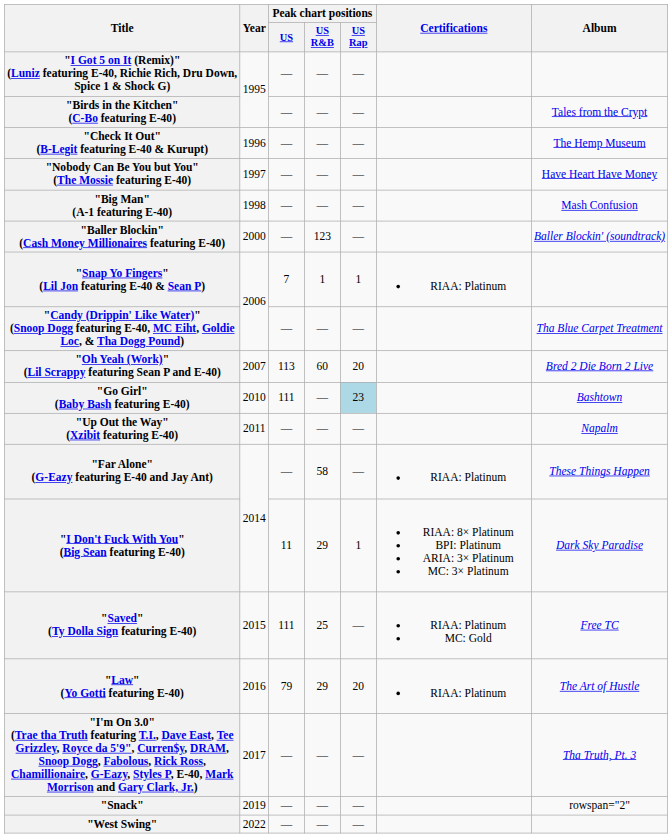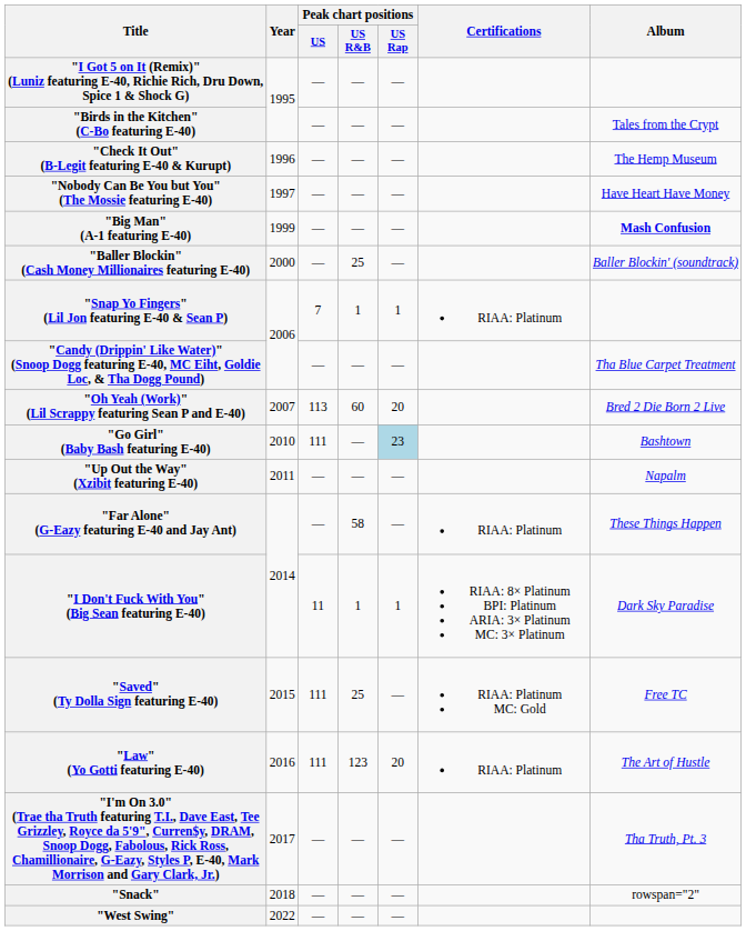 <table class="wikitable plainrowheaders" style="text-align:center;">
 <tr>
 <th scope="col" rowspan="2" style="width:20em;">Title</th>
 <th scope="col" rowspan="2">Year</th>
 <th scope="col" colspan="3">Peak chart positions</th>
 <th scope="col" rowspan="2" style="width:13em;"><a href='#'>Certifications</a></th>
 <th scope="col" rowspan="2">Album</th>
 </tr>
 <tr>
 <th style="width:3em;font-size:90%;"><a href='#'>US</a><br></th>
 <th style="width:3em;font-size:90%;"><a href='#'>US R&B</a><br></th>
 <th style="width:3em;font-size:90%;"><a href='#'>US<br>Rap</a><br></th>
 </tr>
 <tr>
 <th scope="row">"<a href='#'>I Got 5 on It</a> (Remix)"<br><span>(<a href='#'>Luniz</a> featuring E-40, Richie Rich, Dru Down, Spice 1 & Shock G)</span></th>
 <td rowspan="2">1995</td>
 <td>—</td>
 <td>—</td>
 <td>—</td>
 <td></td>
 <td></td>
 </tr>
 <tr>
 <th scope="row">"Birds in the Kitchen" <br><span>(<a href='#'>C-Bo</a> featuring E-40)</span></th>
 <td>—</td>
 <td>—</td>
 <td>—</td>
 <td></td>
 <td><a href='#'>Tales from the Crypt</a></td>
 </tr>
 <tr>
 <th scope="row">"Check It Out" <br><span>(<a href='#'>B-Legit</a> featuring E-40 & Kurupt)</span></th>
 <td>1996</td>
 <td>—</td>
 <td>—</td>
 <td>—</td>
 <td></td>
 <td><a href='#'>The Hemp Museum</a></td>
 </tr>
 <tr>
 <th scope="row">"Nobody Can Be You but You" <br><span>(<a href='#'>The Mossie</a> featuring E-40)</span></th>
 <td>1997</td>
 <td>—</td>
 <td>—</td>
 <td>—</td>
 <td></td>
 <td><a href='#'>Have Heart Have Money</a></td>
 </tr>
 <tr>
 <th scope="row">"Big Man" <br><span>(A-1 featuring E-40)</span></th>
-<td>1998</td>
+<td>1999</td>
 <td>—</td>
 <td>—</td>
 <td>—</td>
 <td></td>
-<td><a href='#'>Mash Confusion</a></td>
+<td><strong><a href='#'>Mash Confusion</a></strong></td>
 </tr>
 <tr>
 <th scope="row">"Baller Blockin"<br><span>(<a href='#'>Cash Money Millionaires</a> featuring E-40)</span></th>
 <td>2000</td>
 <td>—</td>
-<td>123</td>
+<td>25</td>
 <td>—</td>
 <td></td>
 <td><em><a href='#'>Baller Blockin' (soundtrack)</a></em></td>
 </tr>
 <tr>
 <th scope="row">"<a href='#'>Snap Yo Fingers</a>"<br><span>(<a href='#'>Lil Jon</a> featuring E-40 & <a href='#'>Sean P</a>)</span></th>
 <td rowspan="2">2006</td>
 <td>7</td>
 <td>1</td>
 <td>1</td>
 <td><br><ul><li>RIAA: Platinum</li></ul></td>
 <td></td>
 </tr>
 <tr>
 <th scope="row">"<a href='#'>Candy (Drippin' Like Water)</a>"<br><span>(<a href='#'>Snoop Dogg</a> featuring E-40, <a href='#'>MC Eiht</a>, <a href='#'>Goldie Loc</a>, & <a href='#'>Tha Dogg Pound</a>)</span></th>
 <td>—</td>
 <td>—</td>
 <td>—</td>
 <td></td>
 <td><em><a href='#'>Tha Blue Carpet Treatment</a></em></td>
 </tr>
 <tr>
 <th scope="row">"<a href='#'>Oh Yeah (Work)</a>"<br><span>(<a href='#'>Lil Scrappy</a> featuring Sean P and E-40)</span></th>
 <td>2007</td>
 <td>113</td>
 <td>60</td>
 <td>20</td>
 <td></td>
 <td><em><a href='#'>Bred 2 Die Born 2 Live</a></em></td>
 </tr>
 <tr>
 <th scope="row">"Go Girl"<br><span>(<a href='#'>Baby Bash</a> featuring E-40)</span></th>
 <td>2010</td>
 <td>111</td>
 <td>—</td>
 <td style="background: lightblue;">23</td>
 <td></td>
 <td><em><a href='#'>Bashtown</a></em></td>
 </tr>
 <tr>
 <th scope="row">"Up Out the Way"<br><span>(<a href='#'>Xzibit</a> featuring E-40)</span></th>
 <td>2011</td>
 <td>—</td>
 <td>—</td>
 <td>—</td>
 <td></td>
 <td><em><a href='#'>Napalm</a></em></td>
 </tr>
 <tr>
 <th scope="row">"Far Alone"<br><span>(<a href='#'>G-Eazy</a> featuring E-40 and Jay Ant)</span></th>
 <td rowspan="2">2014</td>
 <td>—</td>
 <td>58</td>
 <td>—</td>
 <td><br><ul><li>RIAA: Platinum</li></ul></td>
 <td><em><a href='#'>These Things Happen</a></em></td>
 </tr>
 <tr>
 <th scope="row">"<a href='#'>I Don't Fuck With You</a>"<br><span>(<a href='#'>Big Sean</a> featuring E-40)</span></th>
 <td>11</td>
-<td>29</td>
+<td>1</td>
 <td>1</td>
 <td><br><ul><li>RIAA: 8× Platinum</li><li>BPI: Platinum</li><li>ARIA: 3× Platinum</li><li>MC: 3× Platinum</li></ul></td>
 <td><em><a href='#'>Dark Sky Paradise</a></em></td>
 </tr>
 <tr>
 <th scope="row">"<a href='#'>Saved</a>"<br><span>(<a href='#'>Ty Dolla Sign</a> featuring E-40)</span></th>
 <td>2015</td>
 <td>111</td>
 <td>25</td>
 <td>—</td>
 <td><br><ul><li>RIAA: Platinum</li><li>MC: Gold</li></ul></td>
 <td><em><a href='#'>Free TC</a></em></td>
 </tr>
 <tr>
 <th scope="row">"<a href='#'>Law</a>"<br><span>(<a href='#'>Yo Gotti</a> featuring E-40)</span></th>
 <td>2016</td>
-<td>79</td>
-<td>29</td>
+<td>111</td>
+<td>123</td>
 <td>20</td>
 <td><br><ul><li>RIAA: Platinum</li></ul></td>
 <td><em><a href='#'>The Art of Hustle</a></em></td>
 </tr>
 <tr>
 <th scope="row">"I'm On 3.0"<br><span>(<a href='#'>Trae tha Truth</a> featuring <a href='#'>T.I.</a>, <a href='#'>Dave East</a>, <a href='#'>Tee Grizzley</a>, <a href='#'>Royce da 5'9"</a>, <a href='#'>Curren$y</a>, <a href='#'>DRAM</a>, <a href='#'>Snoop Dogg</a>, <a href='#'>Fabolous</a>, <a href='#'>Rick Ross</a>, <a href='#'>Chamillionaire</a>, <a href='#'>G-Eazy</a>, <a href='#'>Styles P</a>, E-40, <a href='#'>Mark Morrison</a> and <a href='#'>Gary Clark, Jr.</a>)</span></th>
 <td>2017</td>
 <td>—</td>
 <td>—</td>
 <td>—</td>
 <td></td>
 <td><em><a href='#'>Tha Truth, Pt. 3</a></em></td>
 </tr>
 <tr>
 <th scope="row">"Snack"<br></th>
-<td>2019</td>
+<td>2018</td>
 <td>—</td>
 <td>—</td>
 <td>—</td>
 <td></td>
 <td>rowspan="2" </td>
 </tr>
 <tr>
 <th scope="row">"West Swing"<br></th>
 <td>2022</td>
 <td>—</td>
 <td>—</td>
 <td>—</td>
 <td></td>
 </tr>
 </table>
